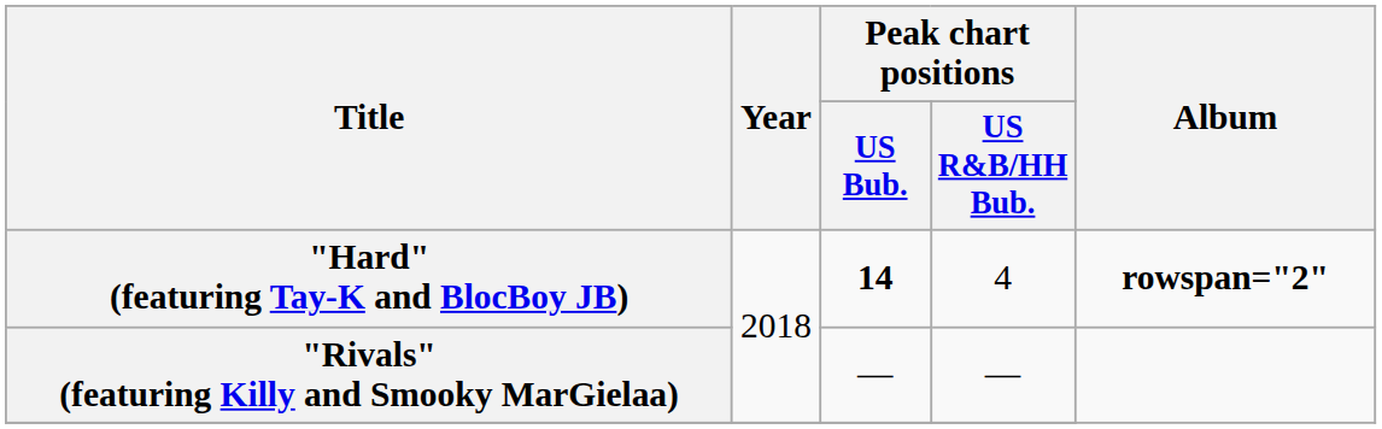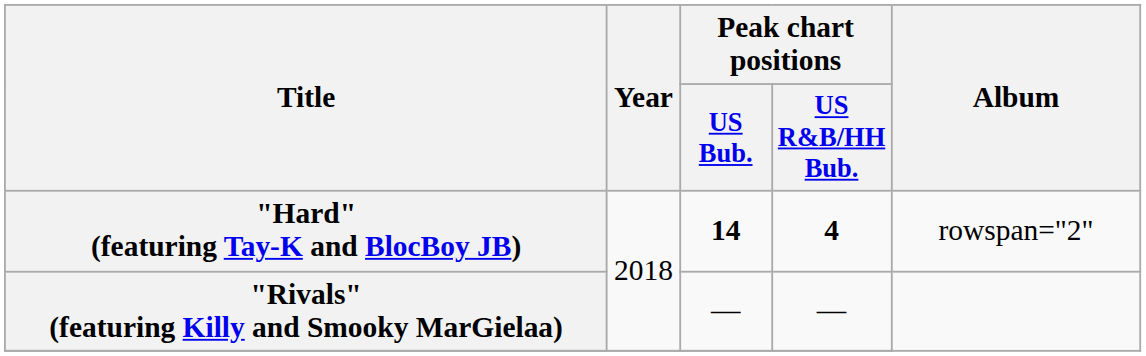 <table class="wikitable plainrowheaders" style="text-align:center;">
 <tr>
 <th scope="col" rowspan="2" style="width:20em;">Title</th>
 <th scope="col" rowspan="2" style="width:1em;">Year</th>
 <th scope="col" colspan="2">Peak chart positions</th>
 <th scope="col" rowspan="2" style="width:8em;">Album</th>
 </tr>
 <tr>
 <th scope="col" style="width:3em;font-size:90%;"><a href='#'>US<br>Bub.</a><br></th>
 <th scope="col" style="width:3em;font-size:90%;"><a href='#'>US<br>R&B/HH<br>Bub.</a><br></th>
 </tr>
 <tr>
 <th scope="row">"Hard"<br><span>(featuring <a href='#'>Tay-K</a> and <a href='#'>BlocBoy JB</a>)</span></th>
 <td rowspan="2">2018</td>
 <td><strong>14</strong></td>
-<td>4</td>
-<td><strong>rowspan="2" </strong></td>
+<td><strong>4</strong></td>
+<td>rowspan="2" </td>
 </tr>
 <tr>
 <th scope="row">"Rivals"<br><span>(featuring <a href='#'>Killy</a> and Smooky MarGielaa)</span></th>
 <td>—</td>
 <td>—</td>
 </tr>
 <tr>
 </tr>
 </table>
